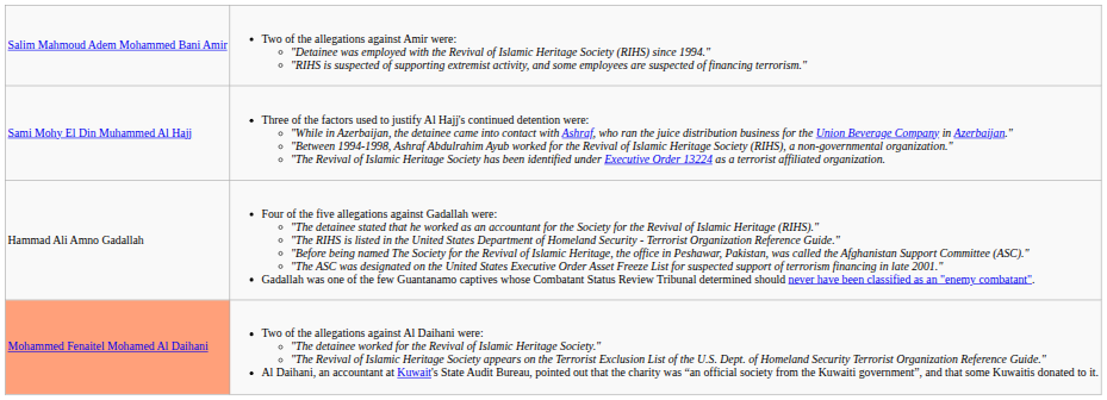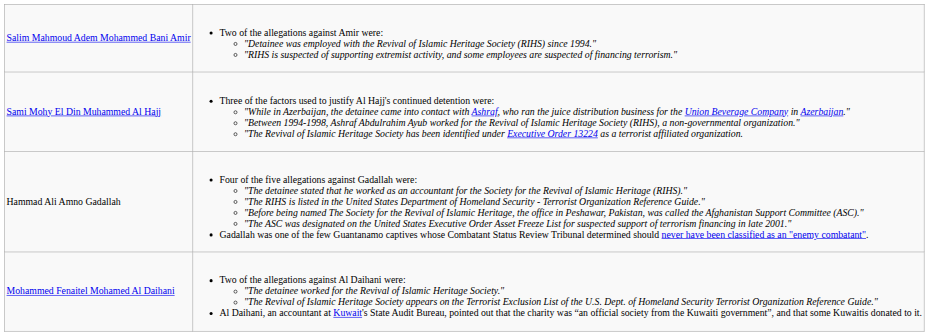 <table class="wikitable">
 <tr>
 <td><a href='#'>Salim Mahmoud Adem Mohammed Bani Amir</a></td>
 <td><br><ul><li>Two of the allegations against Amir were:<ul><li><em>"Detainee was employed with the Revival of Islamic Heritage Society (RIHS) since 1994."</em></li><li><em>"RIHS is suspected of supporting extremist activity, and some employees are suspected of financing terrorism."</em></li></ul></li></ul></td>
 </tr>
 <tr>
 <td><a href='#'>Sami Mohy El Din Muhammed Al Hajj</a></td>
 <td><br><ul><li>Three of the factors used to justify Al Hajj's continued detention were:<ul><li><em>"While in Azerbaijan, the detainee came into contact with <a href='#'>Ashraf</a>, who ran the juice distribution business for the <a href='#'>Union Beverage Company</a> in <a href='#'>Azerbaijan</a>."</em></li><li><em>"Between 1994-1998, Ashraf Abdulrahim Ayub worked for the Revival of Islamic Heritage Society (RIHS), a non-governmental organization."</em></li><li><em>"The Revival of Islamic Heritage Society has been identified under <a href='#'>Executive Order 13224</a> as a terrorist affiliated organization.</em></li></ul></li></ul></td>
 </tr>
 <tr>
 <td>Hammad Ali Amno Gadallah</td>
 <td><br><ul><li>Four of the five allegations against Gadallah were:<ul><li><em>"The detainee stated that he worked as an accountant for the Society for the Revival of Islamic Heritage (RIHS)."</em></li><li><em>"The RIHS is listed in the United States Department of Homeland Security - Terrorist Organization Reference Guide."</em></li><li><em>"Before being named The Society for the Revival of Islamic Heritage, the office in Peshawar, Pakistan, was called the Afghanistan Support Committee (ASC)."</em></li><li><em>"The ASC was designated on the United States Executive Order Asset Freeze List for suspected support of terrorism financing in late 2001."</em></li></ul></li><li>Gadallah was one of the few Guantanamo captives whose Combatant Status Review Tribunal determined should <a href='#'>never have been classified as an "enemy combatant"</a>.</li></ul></td>
 </tr>
 <tr>
-<td style="background: lightsalmon;"><a href='#'>Mohammed Fenaitel Mohamed Al Daihani</a></td>
+<td><a href='#'>Mohammed Fenaitel Mohamed Al Daihani</a></td>
 <td><br><ul><li>Two of the allegations against Al Daihani were:<ul><li><em>"The detainee worked for the Revival of Islamic Heritage Society."</em></li><li><em>"The Revival of Islamic Heritage Society appears on the Terrorist Exclusion List of the U.S. Dept. of Homeland Security Terrorist Organization Reference Guide."</em></li></ul></li><li>Al Daihani, an accountant at <a href='#'>Kuwait</a>'s State Audit Bureau, pointed out that the charity was “an official society from the Kuwaiti government”, and that some Kuwaitis donated to it.</li></ul></td>
 </tr>
 </table>
